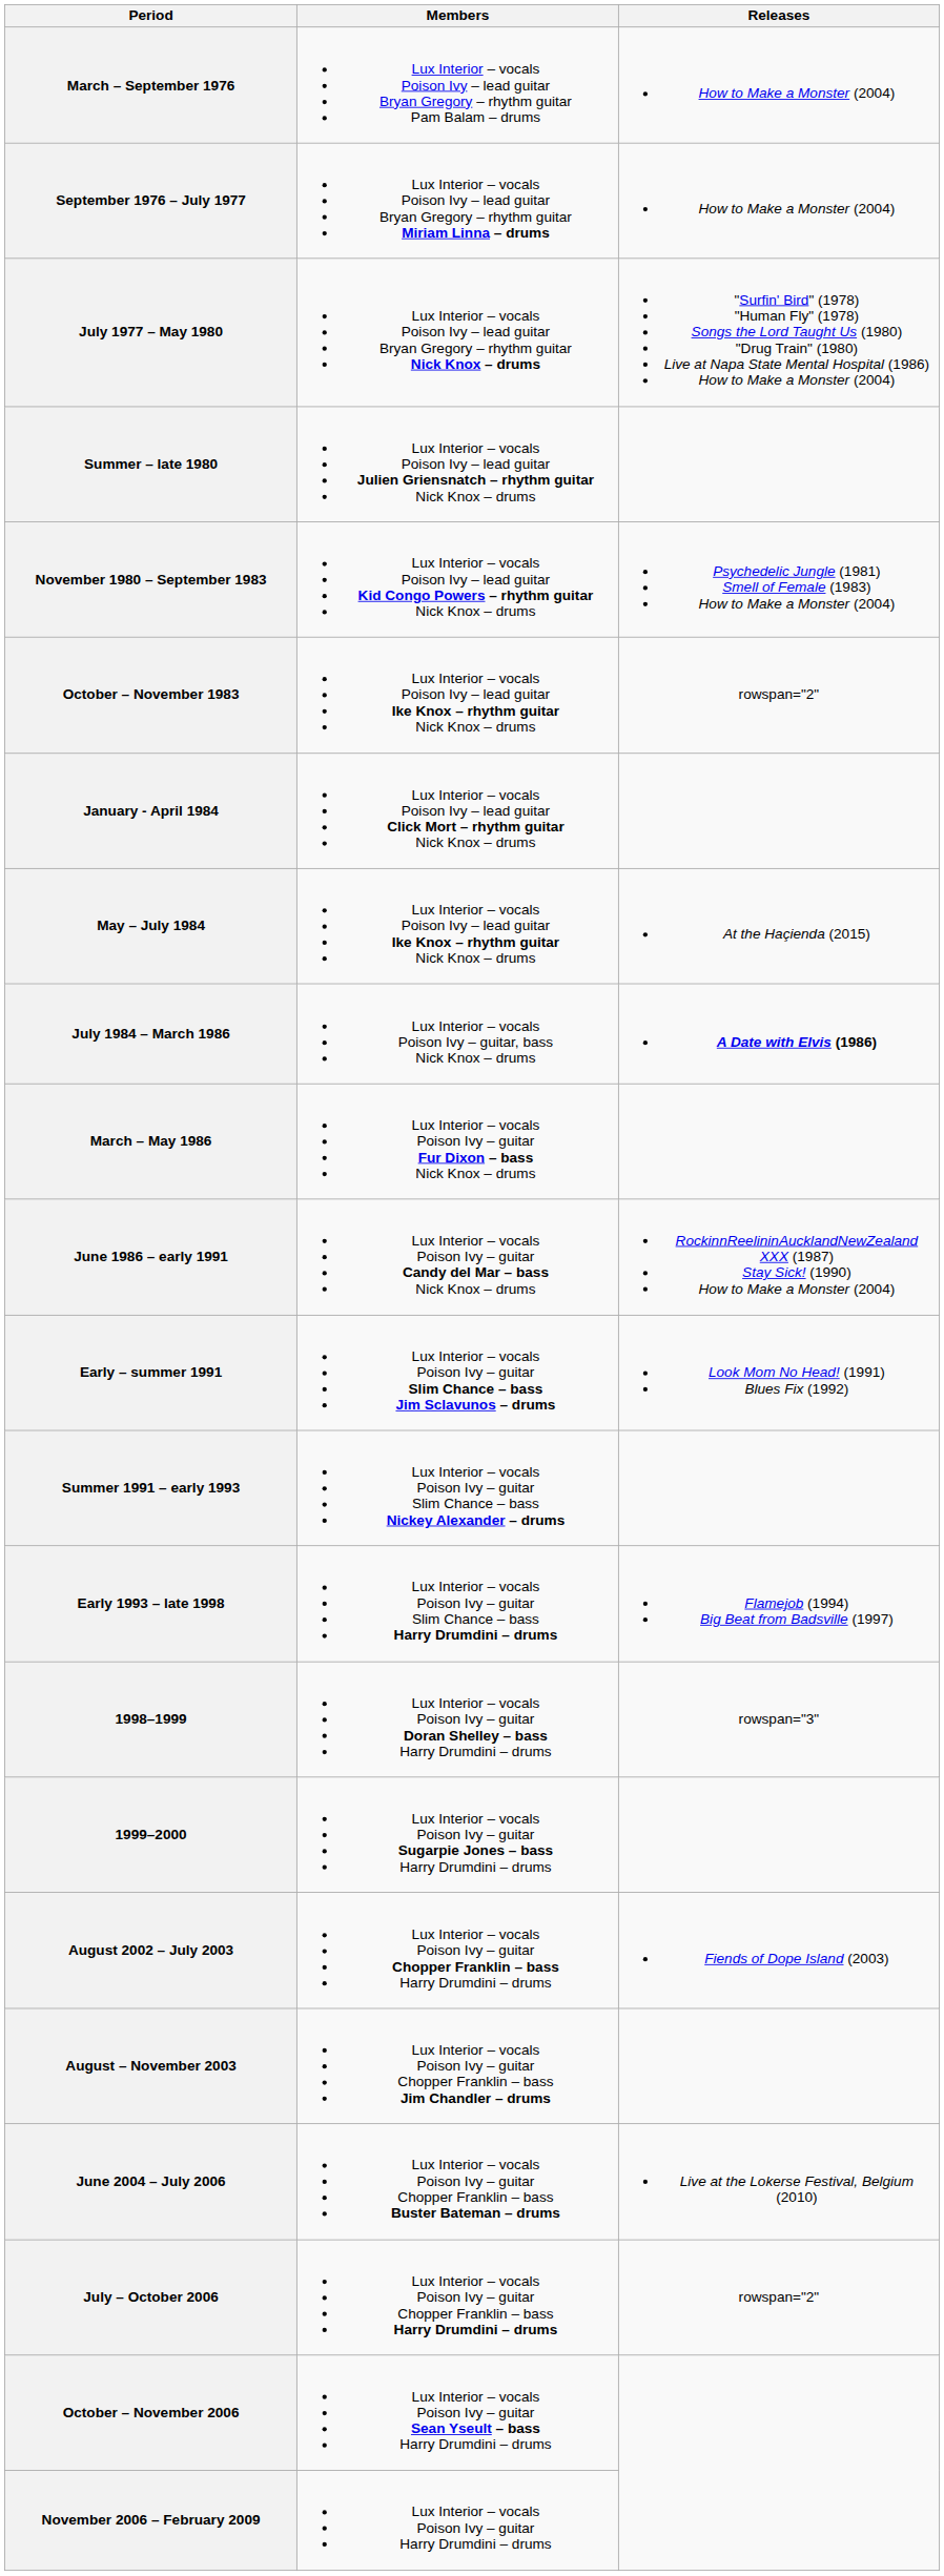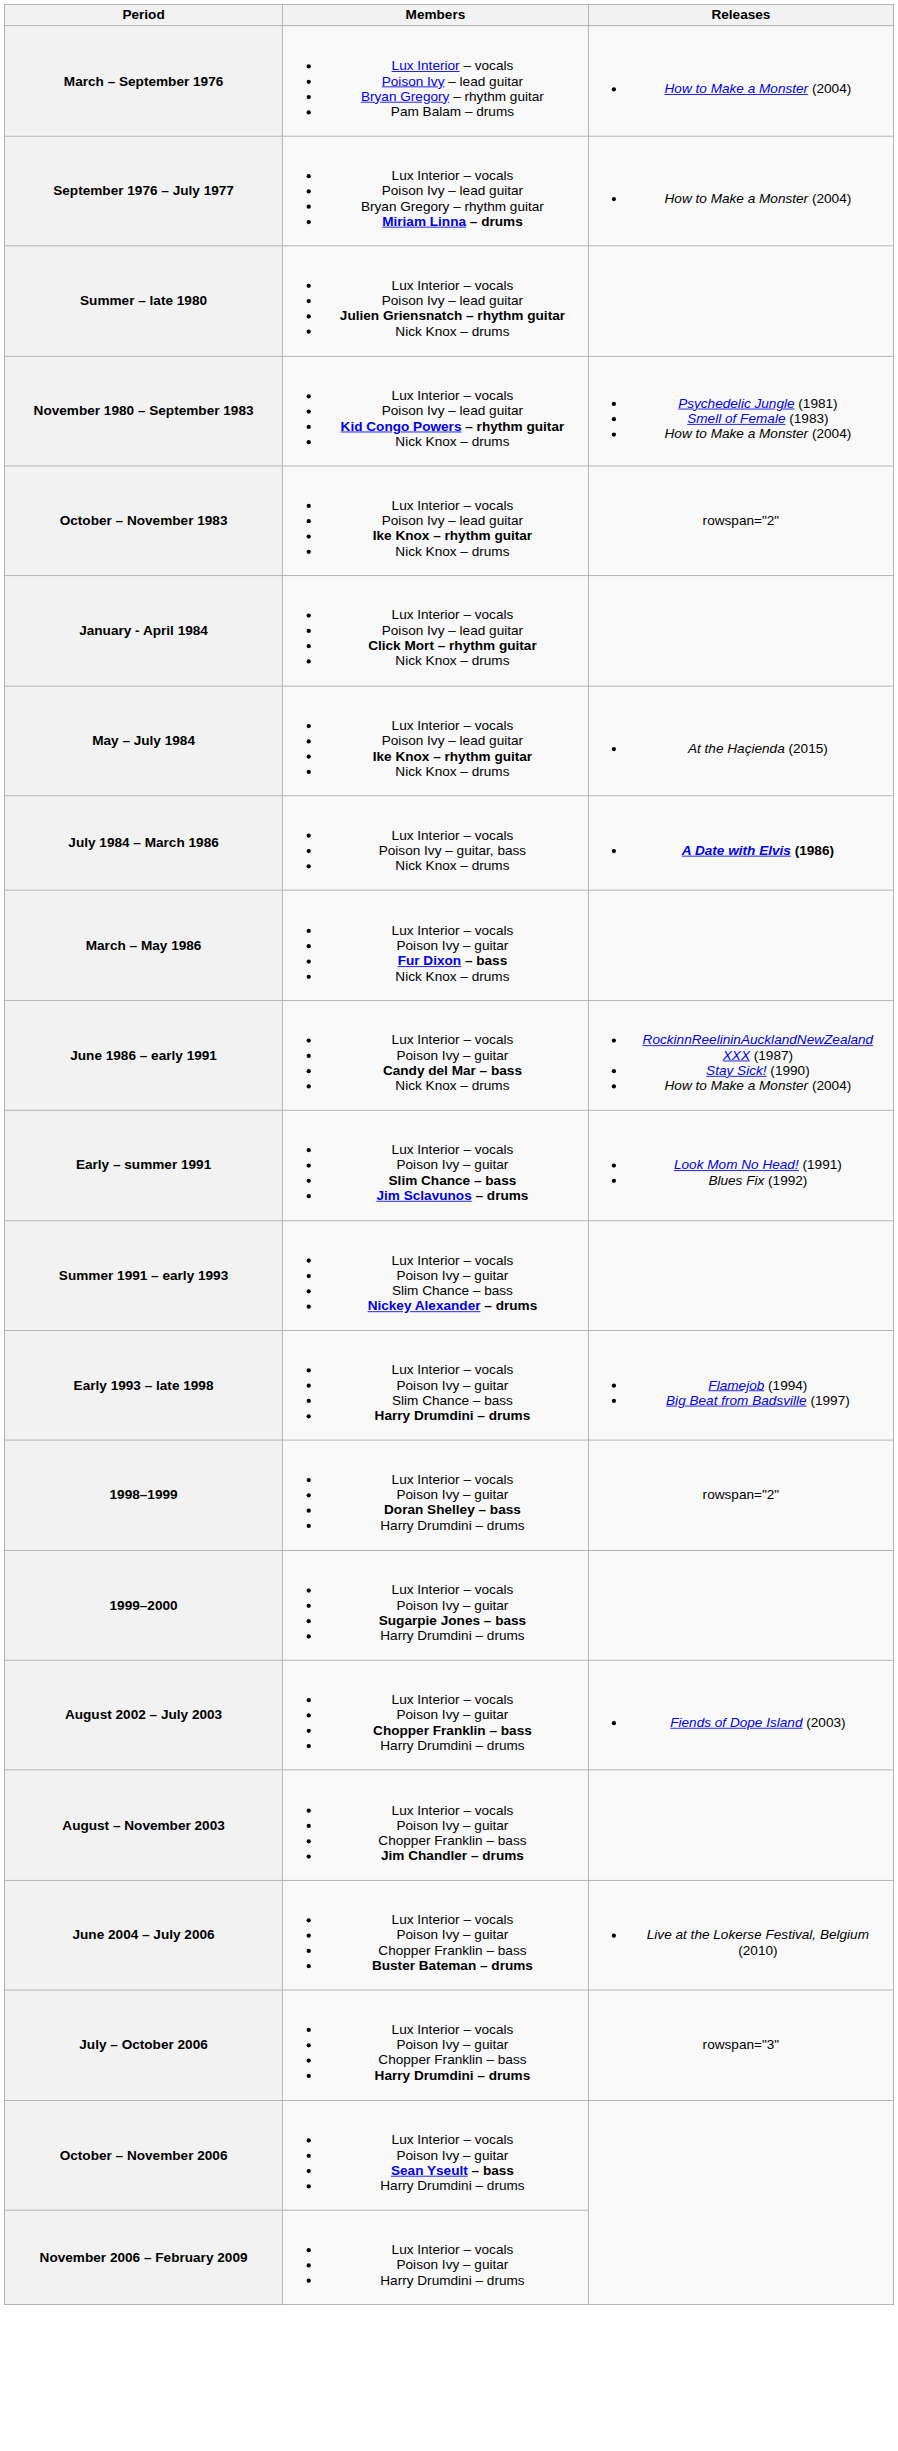 <table class="wikitable plainrowheaders" style="text-align:center;">
 <tr>
 <th scope="col" style="width:20em;">Period</th>
 <th scope="col" style="width:22em;">Members</th>
 <th scope="col" style="width:22em;">Releases</th>
 </tr>
 <tr>
 <th scope="col">March – September 1976</th>
 <td><br><ul><li><a href='#'>Lux Interior</a> – vocals</li><li><a href='#'>Poison Ivy</a> – lead guitar</li><li><a href='#'>Bryan Gregory</a> – rhythm guitar</li><li>Pam Balam – drums</li></ul></td>
 <td><br><ul><li><em><a href='#'>How to Make a Monster</a></em> (2004) </li></ul></td>
 </tr>
 <tr>
 <th scope="col">September 1976 – July 1977</th>
 <td><br><ul><li>Lux Interior – vocals</li><li>Poison Ivy – lead guitar</li><li>Bryan Gregory – rhythm guitar</li><li><strong><a href='#'>Miriam Linna</a> – drums</strong></li></ul></td>
 <td><br><ul><li><em>How to Make a Monster</em> (2004) </li></ul></td>
-</tr>
-<tr>
-<th scope="col">July 1977 – May 1980</th>
-<td><br><ul><li>Lux Interior – vocals</li><li>Poison Ivy – lead guitar</li><li>Bryan Gregory – rhythm guitar</li><li><strong><a href='#'>Nick Knox</a> – drums</strong></li></ul></td>
-<td><br><ul><li>"<a href='#'>Surfin' Bird</a>" (1978)</li><li>"Human Fly" (1978)</li><li><em><a href='#'>Songs the Lord Taught Us</a></em> (1980)</li><li>"Drug Train" (1980)</li><li><em>Live at Napa State Mental Hospital</em> (1986)</li><li><em>How to Make a Monster</em> (2004) </li></ul></td>
 </tr>
 <tr>
 <th scope="col">Summer – late 1980</th>
 <td><br><ul><li>Lux Interior – vocals</li><li>Poison Ivy – lead guitar</li><li><strong>Julien Griensnatch – rhythm guitar</strong></li><li>Nick Knox – drums</li></ul></td>
 <td></td>
 </tr>
 <tr>
 <th scope="col">November 1980 – September 1983</th>
 <td><br><ul><li>Lux Interior – vocals</li><li>Poison Ivy – lead guitar</li><li><strong><a href='#'>Kid Congo Powers</a> – rhythm guitar</strong></li><li>Nick Knox – drums</li></ul></td>
 <td><br><ul><li><em><a href='#'>Psychedelic Jungle</a></em> (1981)</li><li><em><a href='#'>Smell of Female</a></em> (1983)</li><li><em>How to Make a Monster</em> (2004) </li></ul></td>
 </tr>
 <tr>
 <th scope="col">October – November 1983</th>
 <td><br><ul><li>Lux Interior – vocals</li><li>Poison Ivy – lead guitar</li><li><strong>Ike Knox – rhythm guitar</strong></li><li>Nick Knox – drums</li></ul></td>
 <td>rowspan="2" </td>
 </tr>
 <tr>
 <th scope="col">January - April 1984</th>
 <td><br><ul><li>Lux Interior – vocals</li><li>Poison Ivy – lead guitar</li><li><strong>Click Mort – rhythm guitar</strong></li><li>Nick Knox – drums</li></ul></td>
 </tr>
 <tr>
 <th scope="col">May – July 1984</th>
 <td><br><ul><li>Lux Interior – vocals</li><li>Poison Ivy – lead guitar</li><li><strong>Ike Knox – rhythm guitar</strong></li><li>Nick Knox – drums</li></ul></td>
 <td><br><ul><li><em>At the Haçienda</em> (2015)</li></ul></td>
 </tr>
 <tr>
 <th scope="col">July 1984 – March 1986</th>
 <td><br><ul><li>Lux Interior – vocals</li><li>Poison Ivy – guitar, bass</li><li>Nick Knox – drums</li></ul></td>
 <td><strong><br><ul><li><em><a href='#'>A Date with Elvis</a></em> (1986)</li></ul></strong></td>
 </tr>
 <tr>
 <th scope="col">March – May 1986</th>
 <td><br><ul><li>Lux Interior – vocals</li><li>Poison Ivy – guitar</li><li><strong><a href='#'>Fur Dixon</a> – bass</strong></li><li>Nick Knox – drums</li></ul></td>
 <td></td>
 </tr>
 <tr>
 <th scope="col">June 1986 – early 1991</th>
 <td><br><ul><li>Lux Interior – vocals</li><li>Poison Ivy – guitar</li><li><strong>Candy del Mar – bass</strong></li><li>Nick Knox – drums</li></ul></td>
 <td><br><ul><li><em><a href='#'>RockinnReelininAucklandNewZealand<br>XXX</a></em> (1987)</li><li><em><a href='#'>Stay Sick!</a></em> (1990)</li><li><em>How to Make a Monster</em> (2004) </li></ul></td>
 </tr>
 <tr>
 <th scope="col">Early – summer 1991</th>
 <td><br><ul><li>Lux Interior – vocals</li><li>Poison Ivy – guitar</li><li><strong>Slim Chance – bass</strong></li><li><strong><a href='#'>Jim Sclavunos</a> – drums</strong></li></ul></td>
 <td><br><ul><li><em><a href='#'>Look Mom No Head!</a></em> (1991)</li><li><em>Blues Fix</em> (1992)</li></ul></td>
 </tr>
 <tr>
 <th scope="col">Summer 1991 – early 1993</th>
 <td><br><ul><li>Lux Interior – vocals</li><li>Poison Ivy – guitar</li><li>Slim Chance – bass</li><li><strong><a href='#'>Nickey Alexander</a> – drums</strong></li></ul></td>
 <td></td>
 </tr>
 <tr>
 <th scope="col">Early 1993 – late 1998</th>
 <td><br><ul><li>Lux Interior – vocals</li><li>Poison Ivy – guitar</li><li>Slim Chance – bass</li><li><strong>Harry Drumdini – drums</strong></li></ul></td>
 <td><br><ul><li><em><a href='#'>Flamejob</a></em> (1994)</li><li><em><a href='#'>Big Beat from Badsville</a></em> (1997)</li></ul></td>
 </tr>
 <tr>
 <th scope="col">1998–1999</th>
 <td><br><ul><li>Lux Interior – vocals</li><li>Poison Ivy – guitar</li><li><strong>Doran Shelley – bass</strong></li><li>Harry Drumdini – drums</li></ul></td>
-<td>rowspan="3" </td>
+<td>rowspan="2" </td>
 </tr>
 <tr>
 <th scope="col">1999–2000</th>
 <td><br><ul><li>Lux Interior – vocals</li><li>Poison Ivy – guitar</li><li><strong>Sugarpie Jones – bass</strong></li><li>Harry Drumdini – drums</li></ul></td>
 </tr>
 <tr>
 <th scope="col">August 2002 – July 2003</th>
 <td><br><ul><li>Lux Interior – vocals</li><li>Poison Ivy – guitar</li><li><strong>Chopper Franklin – bass</strong></li><li>Harry Drumdini – drums</li></ul></td>
 <td><br><ul><li><em><a href='#'>Fiends of Dope Island</a></em> (2003)</li></ul></td>
 </tr>
 <tr>
 <th scope="col">August – November 2003</th>
 <td><br><ul><li>Lux Interior – vocals</li><li>Poison Ivy – guitar</li><li>Chopper Franklin – bass</li><li><strong>Jim Chandler – drums</strong></li></ul></td>
 <td></td>
 </tr>
 <tr>
 <th scope="col">June 2004 – July 2006</th>
 <td><br><ul><li>Lux Interior – vocals</li><li>Poison Ivy – guitar</li><li>Chopper Franklin – bass</li><li><strong>Buster Bateman – drums</strong></li></ul></td>
 <td><br><ul><li><em>Live at the Lokerse Festival, Belgium</em> (2010)</li></ul></td>
 </tr>
 <tr>
 <th scope="col">July – October 2006</th>
 <td><br><ul><li>Lux Interior – vocals</li><li>Poison Ivy – guitar</li><li>Chopper Franklin – bass</li><li><strong>Harry Drumdini – drums</strong></li></ul></td>
-<td>rowspan="2" </td>
+<td>rowspan="3" </td>
 </tr>
 <tr>
 <th scope="col">October – November 2006</th>
 <td><br><ul><li>Lux Interior – vocals</li><li>Poison Ivy – guitar</li><li><strong><a href='#'>Sean Yseult</a> – bass</strong></li><li>Harry Drumdini – drums</li></ul></td>
 </tr>
 <tr>
 <th scope="col">November 2006 – February 2009<br></th>
 <td><br><ul><li>Lux Interior – vocals</li><li>Poison Ivy – guitar</li><li>Harry Drumdini – drums</li></ul></td>
 </tr>
 </table>
